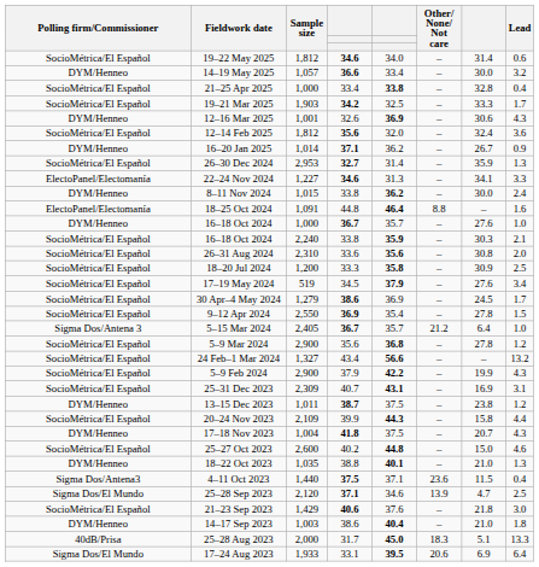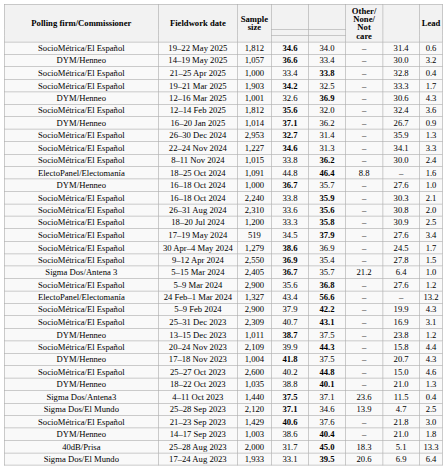 <table class="wikitable collapsible collapsed" style="text-align:center; font-size:90%; line-height:14px;">
 <tr style="height:42px;">
 <th style="width:250px;" rowspan="3">Polling firm/Commissioner</th>
 <th style="width:125px;" rowspan="3">Fieldwork date</th>
 <th style="width:50px;" rowspan="3">Sample size</th>
 <th style="width:55px;"></th>
 <th style="width:55px;"></th>
 <th style="width:55px;" rowspan="3">Other/<br>None/<br>Not<br>care</th>
 <th style="width:55px;" rowspan="3"></th>
 <th style="width:30px;" rowspan="3">Lead</th>
 </tr>
 <tr>
 <th style="color:inherit;background:"></th>
 <th style="color:inherit;background:"></th>
 </tr>
 <tr>
 <th></th>
 <th></th>
 </tr>
 <tr>
 <td>SocioMétrica/El Español</td>
 <td>19–22 May 2025</td>
 <td>1,812</td>
 <td><strong>34.6</strong></td>
 <td>34.0</td>
 <td>–</td>
 <td>31.4</td>
 <td style="background:">0.6</td>
 </tr>
 <tr>
 <td>DYM/Henneo</td>
 <td>14–19 May 2025</td>
 <td>1,057</td>
 <td><strong>36.6</strong></td>
 <td>33.4</td>
 <td>–</td>
 <td>30.0</td>
 <td style="background:">3.2</td>
 </tr>
 <tr>
 <td>SocioMétrica/El Español</td>
 <td>21–25 Apr 2025</td>
 <td>1,000</td>
 <td>33.4</td>
 <td><strong>33.8</strong></td>
 <td>–</td>
 <td>32.8</td>
 <td style="background:">0.4</td>
 </tr>
 <tr>
 <td>SocioMétrica/El Español</td>
 <td>19–21 Mar 2025</td>
 <td>1,903</td>
 <td><strong>34.2</strong></td>
 <td>32.5</td>
 <td>–</td>
 <td>33.3</td>
 <td style="background:">1.7</td>
 </tr>
 <tr>
 <td>DYM/Henneo</td>
 <td>12–16 Mar 2025</td>
 <td>1,001</td>
 <td>32.6</td>
 <td><strong>36.9</strong></td>
 <td>–</td>
 <td>30.6</td>
 <td style="background:">4.3</td>
 </tr>
 <tr>
 <td>SocioMétrica/El Español</td>
 <td>12–14 Feb 2025</td>
 <td>1,812</td>
 <td><strong>35.6</strong></td>
 <td>32.0</td>
 <td>–</td>
 <td>32.4</td>
 <td style="background:">3.6</td>
 </tr>
 <tr>
 <td>DYM/Henneo</td>
 <td>16–20 Jan 2025</td>
 <td>1,014</td>
 <td><strong>37.1</strong></td>
 <td>36.2</td>
 <td>–</td>
 <td>26.7</td>
 <td style="background:">0.9</td>
 </tr>
 <tr>
 <td>SocioMétrica/El Español</td>
 <td>26–30 Dec 2024</td>
 <td>2,953</td>
 <td><strong>32.7</strong></td>
 <td>31.4</td>
 <td>–</td>
 <td>35.9</td>
 <td style="background:">1.3</td>
 </tr>
 <tr>
-<td>ElectoPanel/Electomanía</td>
+<td>SocioMétrica/El Español</td>
 <td>22–24 Nov 2024</td>
 <td>1,227</td>
 <td><strong>34.6</strong></td>
 <td>31.3</td>
 <td>–</td>
 <td>34.1</td>
 <td style="background:">3.3</td>
 </tr>
 <tr>
-<td>DYM/Henneo</td>
+<td>SocioMétrica/El Español</td>
 <td>8–11 Nov 2024</td>
 <td>1,015</td>
 <td>33.8</td>
 <td><strong>36.2</strong></td>
 <td>–</td>
 <td>30.0</td>
 <td style="background:">2.4</td>
 </tr>
 <tr>
 <td>ElectoPanel/Electomanía</td>
 <td>18–25 Oct 2024</td>
 <td>1,091</td>
 <td>44.8</td>
 <td><strong>46.4</strong></td>
 <td>8.8</td>
 <td>–</td>
 <td style="background:">1.6</td>
 </tr>
 <tr>
 <td>DYM/Henneo</td>
 <td>16–18 Oct 2024</td>
 <td>1,000</td>
 <td><strong>36.7</strong></td>
 <td>35.7</td>
 <td>–</td>
 <td>27.6</td>
 <td style="background:">1.0</td>
 </tr>
 <tr>
 <td>SocioMétrica/El Español</td>
 <td>16–18 Oct 2024</td>
 <td>2,240</td>
 <td>33.8</td>
 <td><strong>35.9</strong></td>
 <td>–</td>
 <td>30.3</td>
 <td style="background:">2.1</td>
 </tr>
 <tr>
 <td>SocioMétrica/El Español</td>
 <td>26–31 Aug 2024</td>
 <td>2,310</td>
 <td>33.6</td>
 <td><strong>35.6</strong></td>
 <td>–</td>
 <td>30.8</td>
 <td style="background:">2.0</td>
 </tr>
 <tr>
 <td>SocioMétrica/El Español</td>
 <td>18–20 Jul 2024</td>
 <td>1,200</td>
 <td>33.3</td>
 <td><strong>35.8</strong></td>
 <td>–</td>
 <td>30.9</td>
 <td style="background:">2.5</td>
 </tr>
 <tr>
 <td>SocioMétrica/El Español</td>
 <td>17–19 May 2024</td>
 <td>519</td>
 <td>34.5</td>
 <td><strong>37.9</strong></td>
 <td>–</td>
 <td>27.6</td>
 <td style="background:">3.4</td>
 </tr>
 <tr>
 <td>SocioMétrica/El Español</td>
 <td>30 Apr–4 May 2024</td>
 <td>1,279</td>
 <td><strong>38.6</strong></td>
 <td>36.9</td>
 <td>–</td>
 <td>24.5</td>
 <td style="background:">1.7</td>
 </tr>
 <tr>
 <td>SocioMétrica/El Español</td>
 <td>9–12 Apr 2024</td>
 <td>2,550</td>
 <td><strong>36.9</strong></td>
 <td>35.4</td>
 <td>–</td>
 <td>27.8</td>
 <td style="background:">1.5</td>
 </tr>
 <tr>
 <td>Sigma Dos/Antena 3</td>
 <td>5–15 Mar 2024</td>
 <td>2,405</td>
 <td><strong>36.7</strong></td>
 <td>35.7</td>
 <td>21.2</td>
 <td>6.4</td>
 <td style="background:">1.0</td>
 </tr>
 <tr>
 <td>SocioMétrica/El Español</td>
 <td>5–9 Mar 2024</td>
 <td>2,900</td>
 <td>35.6</td>
 <td><strong>36.8</strong></td>
 <td>–</td>
-<td>27.8</td>
+<td>27.6</td>
 <td style="background:">1.2</td>
 </tr>
 <tr>
-<td>SocioMétrica/El Español</td>
+<td>ElectoPanel/Electomanía</td>
 <td>24 Feb–1 Mar 2024</td>
 <td>1,327</td>
 <td>43.4</td>
 <td><strong>56.6</strong></td>
 <td>–</td>
 <td>–</td>
 <td style="background:">13.2</td>
 </tr>
 <tr>
 <td>SocioMétrica/El Español</td>
 <td>5–9 Feb 2024</td>
 <td>2,900</td>
 <td>37.9</td>
 <td><strong>42.2</strong></td>
 <td>–</td>
 <td>19.9</td>
 <td style="background:">4.3</td>
 </tr>
 <tr>
 <td>SocioMétrica/El Español</td>
 <td>25–31 Dec 2023</td>
 <td>2,309</td>
 <td>40.7</td>
 <td><strong>43.1</strong></td>
 <td>–</td>
 <td>16.9</td>
 <td style="background:">3.1</td>
 </tr>
 <tr>
 <td>DYM/Henneo</td>
 <td>13–15 Dec 2023</td>
 <td>1,011</td>
 <td><strong>38.7</strong></td>
 <td>37.5</td>
 <td>–</td>
 <td>23.8</td>
 <td style="background:">1.2</td>
 </tr>
 <tr>
 <td>SocioMétrica/El Español</td>
 <td>20–24 Nov 2023</td>
 <td>2,109</td>
 <td>39.9</td>
 <td><strong>44.3</strong></td>
 <td>–</td>
 <td>15.8</td>
 <td style="background:">4.4</td>
 </tr>
 <tr>
 <td>DYM/Henneo</td>
 <td>17–18 Nov 2023</td>
 <td>1,004</td>
 <td><strong>41.8</strong></td>
 <td>37.5</td>
 <td>–</td>
 <td>20.7</td>
 <td style="background:">4.3</td>
 </tr>
 <tr>
 <td>SocioMétrica/El Español</td>
 <td>25–27 Oct 2023</td>
 <td>2,600</td>
 <td>40.2</td>
 <td><strong>44.8</strong></td>
 <td>–</td>
 <td>15.0</td>
 <td style="background:">4.6</td>
 </tr>
 <tr>
 <td>DYM/Henneo</td>
 <td>18–22 Oct 2023</td>
 <td>1,035</td>
 <td>38.8</td>
 <td><strong>40.1</strong></td>
 <td>–</td>
 <td>21.0</td>
 <td style="background:">1.3</td>
 </tr>
 <tr>
 <td>Sigma Dos/Antena3</td>
 <td>4–11 Oct 2023</td>
 <td>1,440</td>
 <td><strong>37.5</strong></td>
 <td>37.1</td>
 <td>23.6</td>
 <td>11.5</td>
 <td style="background:">0.4</td>
 </tr>
 <tr>
 <td>Sigma Dos/El Mundo</td>
 <td>25–28 Sep 2023</td>
 <td>2,120</td>
 <td><strong>37.1</strong></td>
 <td>34.6</td>
 <td>13.9</td>
 <td>4.7</td>
 <td style="background:">2.5</td>
 </tr>
 <tr>
 <td>SocioMétrica/El Español</td>
 <td>21–23 Sep 2023</td>
 <td>1,429</td>
 <td><strong>40.6</strong></td>
 <td>37.6</td>
 <td>–</td>
 <td>21.8</td>
 <td style="background:">3.0</td>
 </tr>
 <tr>
 <td>DYM/Henneo</td>
 <td>14–17 Sep 2023</td>
 <td>1,003</td>
 <td>38.6</td>
 <td><strong>40.4</strong></td>
 <td>–</td>
 <td>21.0</td>
 <td style="background:">1.8</td>
 </tr>
 <tr>
 <td>40dB/Prisa</td>
 <td>25–28 Aug 2023</td>
 <td>2,000</td>
 <td>31.7</td>
 <td><strong>45.0</strong></td>
 <td>18.3</td>
 <td>5.1</td>
 <td style="background:">13.3</td>
 </tr>
 <tr>
 <td>Sigma Dos/El Mundo</td>
 <td>17–24 Aug 2023</td>
 <td>1,933</td>
 <td>33.1</td>
 <td><strong>39.5</strong></td>
 <td>20.6</td>
 <td>6.9</td>
 <td style="background:">6.4</td>
 </tr>
 </table>
